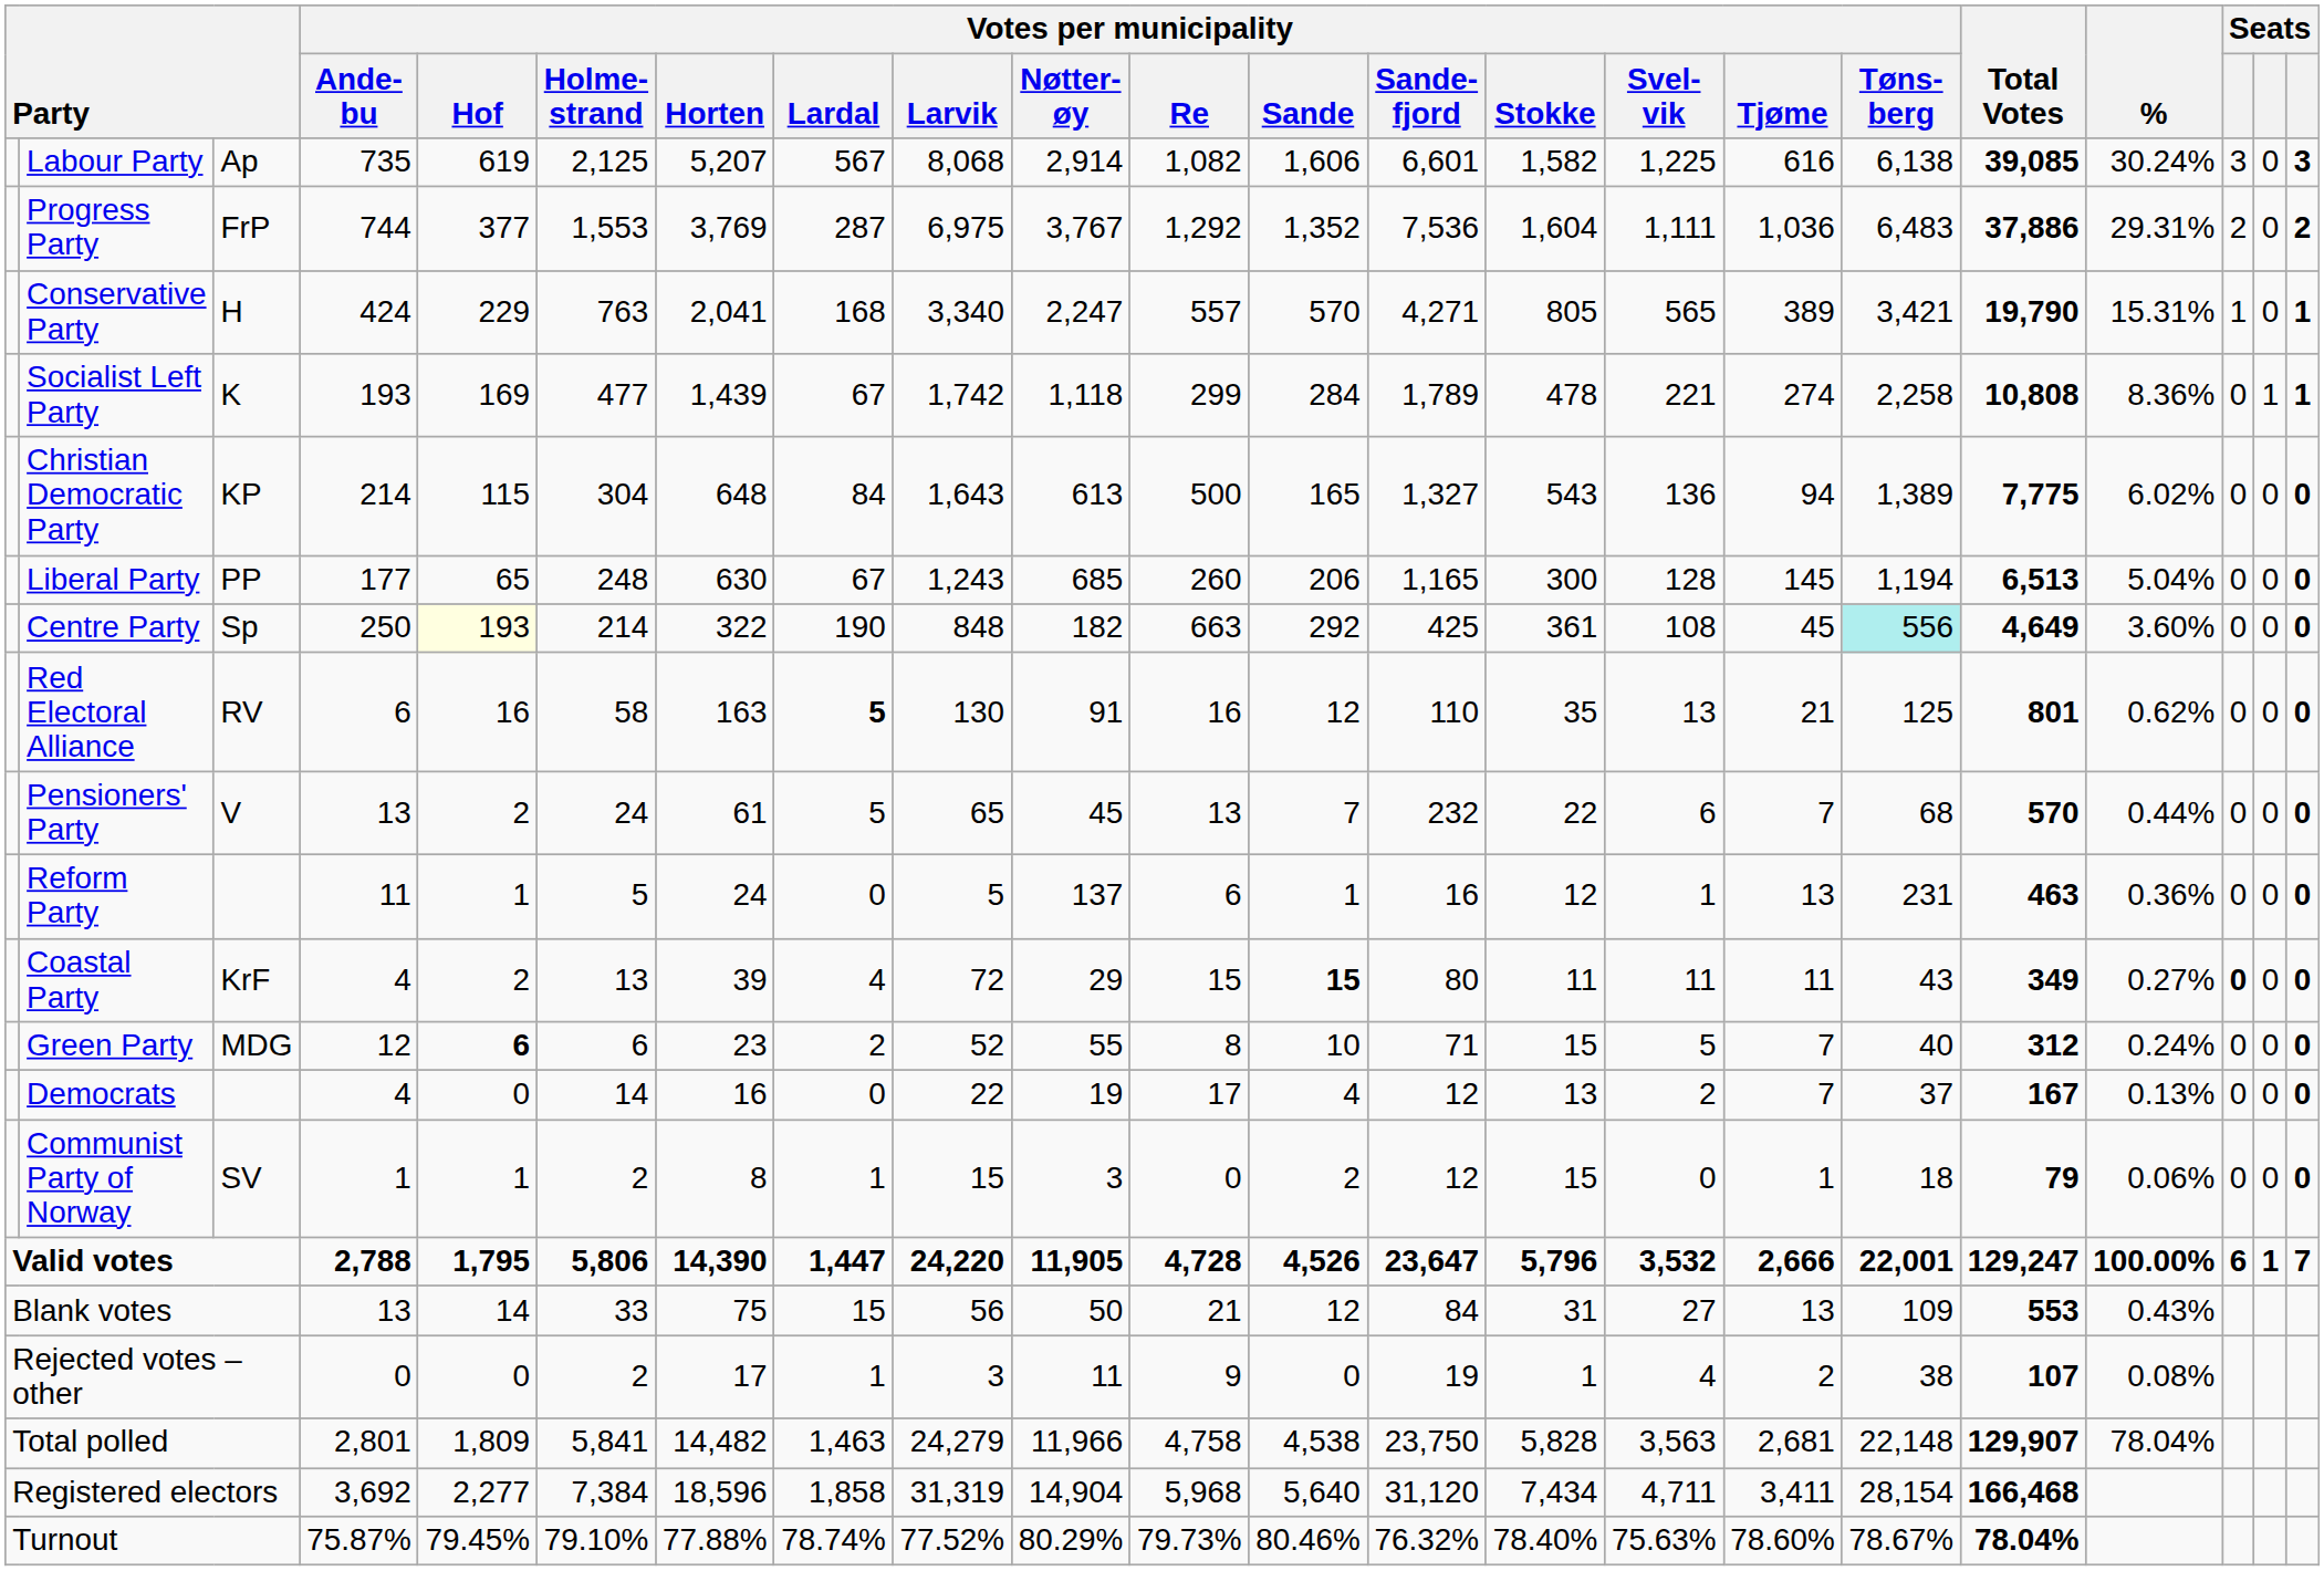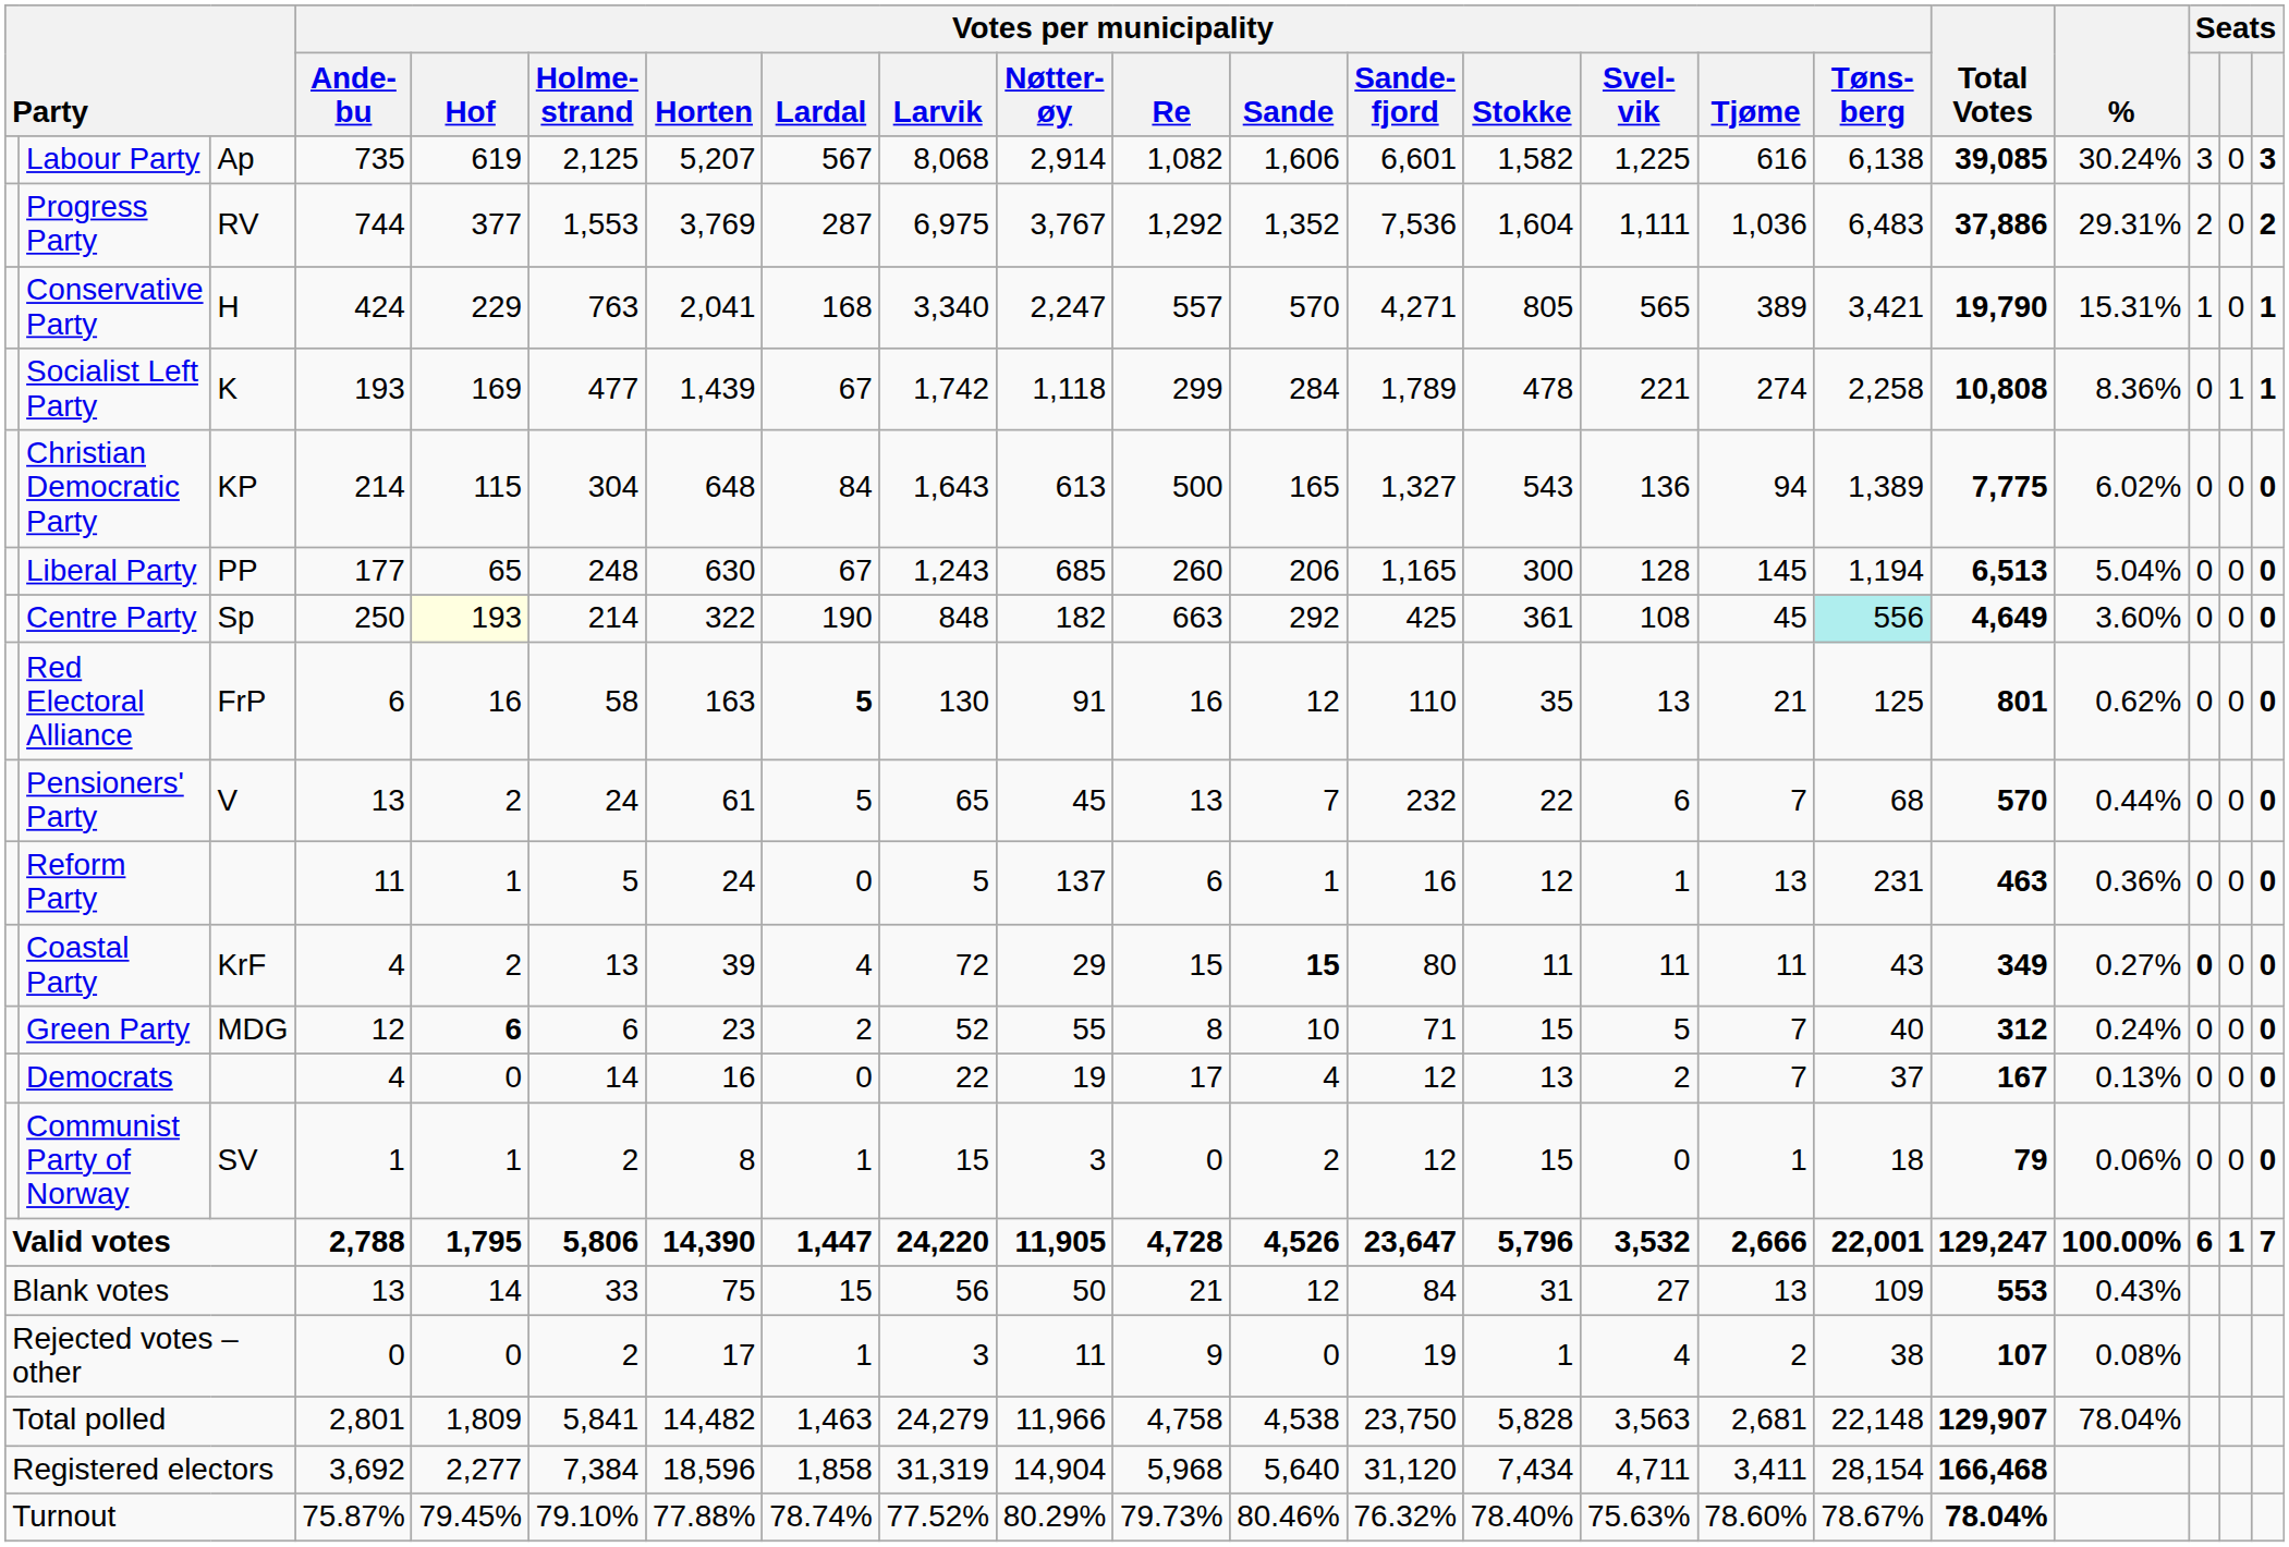 <table class="wikitable" border="1" style="text-align:right;">
 <tr>
 <th style="text-align:left;" valign=bottom rowspan=2 colspan=3>Party</th>
 <th colspan=14>Votes per municipality</th>
 <th align=center valign=bottom rowspan=2 width="50">Total Votes</th>
 <th align=center valign=bottom rowspan=2 width="50">%</th>
 <th colspan=3>Seats</th>
 </tr>
 <tr>
 <th align=center valign=bottom width="50"><a href='#'>Ande- bu</a></th>
 <th align=center valign=bottom width="50"><a href='#'>Hof</a></th>
 <th align=center valign=bottom width="50"><a href='#'>Holme- strand</a></th>
 <th align=center valign=bottom width="50"><a href='#'>Horten</a></th>
 <th align=center valign=bottom width="50"><a href='#'>Lardal</a></th>
 <th align=center valign=bottom width="50"><a href='#'>Larvik</a></th>
 <th align=center valign=bottom width="50"><a href='#'>Nøtter- øy</a></th>
 <th align=center valign=bottom width="50"><a href='#'>Re</a></th>
 <th align=center valign=bottom width="50"><a href='#'>Sande</a></th>
 <th align=center valign=bottom width="50"><a href='#'>Sande- fjord</a></th>
 <th align=center valign=bottom width="50"><a href='#'>Stokke</a></th>
 <th align=center valign=bottom width="50"><a href='#'>Svel- vik</a></th>
 <th align=center valign=bottom width="50"><a href='#'>Tjøme</a></th>
 <th align=center valign=bottom width="50"><a href='#'>Tøns- berg</a></th>
 <th align=center valign=bottom width="20"><small></small></th>
 <th align=center valign=bottom width="20"><small><a href='#'></a></small></th>
 <th align=center valign=bottom width="20"><small></small></th>
 </tr>
 <tr>
 <td style="color:inherit;background:"></td>
 <td align=left><a href='#'>Labour Party</a></td>
 <td align=left>Ap</td>
 <td>735</td>
 <td>619</td>
 <td>2,125</td>
 <td>5,207</td>
 <td>567</td>
 <td>8,068</td>
 <td>2,914</td>
 <td>1,082</td>
 <td>1,606</td>
 <td>6,601</td>
 <td>1,582</td>
 <td>1,225</td>
 <td>616</td>
 <td>6,138</td>
 <td><strong>39,085</strong></td>
 <td>30.24%</td>
 <td>3</td>
 <td>0</td>
 <td><strong>3</strong></td>
 </tr>
 <tr>
 <td style="color:inherit;background:"></td>
 <td align=left><a href='#'>Progress Party</a></td>
-<td align=left>FrP</td>
+<td align=left>RV</td>
 <td>744</td>
 <td>377</td>
 <td>1,553</td>
 <td>3,769</td>
 <td>287</td>
 <td>6,975</td>
 <td>3,767</td>
 <td>1,292</td>
 <td>1,352</td>
 <td>7,536</td>
 <td>1,604</td>
 <td>1,111</td>
 <td>1,036</td>
 <td>6,483</td>
 <td><strong>37,886</strong></td>
 <td>29.31%</td>
 <td>2</td>
 <td>0</td>
 <td><strong>2</strong></td>
 </tr>
 <tr>
 <td style="color:inherit;background:"></td>
 <td align=left><a href='#'>Conservative Party</a></td>
 <td align=left>H</td>
 <td>424</td>
 <td>229</td>
 <td>763</td>
 <td>2,041</td>
 <td>168</td>
 <td>3,340</td>
 <td>2,247</td>
 <td>557</td>
 <td>570</td>
 <td>4,271</td>
 <td>805</td>
 <td>565</td>
 <td>389</td>
 <td>3,421</td>
 <td><strong>19,790</strong></td>
 <td>15.31%</td>
 <td>1</td>
 <td>0</td>
 <td><strong>1</strong></td>
 </tr>
 <tr>
 <td style="color:inherit;background:"></td>
 <td align=left><a href='#'>Socialist Left Party</a></td>
 <td align=left>K</td>
 <td>193</td>
 <td>169</td>
 <td>477</td>
 <td>1,439</td>
 <td>67</td>
 <td>1,742</td>
 <td>1,118</td>
 <td>299</td>
 <td>284</td>
 <td>1,789</td>
 <td>478</td>
 <td>221</td>
 <td>274</td>
 <td>2,258</td>
 <td><strong>10,808</strong></td>
 <td>8.36%</td>
 <td>0</td>
 <td>1</td>
 <td><strong>1</strong></td>
 </tr>
 <tr>
 <td style="color:inherit;background:"></td>
 <td align=left><a href='#'>Christian Democratic Party</a></td>
 <td align=left>KP</td>
 <td>214</td>
 <td>115</td>
 <td>304</td>
 <td>648</td>
 <td>84</td>
 <td>1,643</td>
 <td>613</td>
 <td>500</td>
 <td>165</td>
 <td>1,327</td>
 <td>543</td>
 <td>136</td>
 <td>94</td>
 <td>1,389</td>
 <td><strong>7,775</strong></td>
 <td>6.02%</td>
 <td>0</td>
 <td>0</td>
 <td><strong>0</strong></td>
 </tr>
 <tr>
 <td style="color:inherit;background:"></td>
 <td align=left><a href='#'>Liberal Party</a></td>
 <td align=left>PP</td>
 <td>177</td>
 <td>65</td>
 <td>248</td>
 <td>630</td>
 <td>67</td>
 <td>1,243</td>
 <td>685</td>
 <td>260</td>
 <td>206</td>
 <td>1,165</td>
 <td>300</td>
 <td>128</td>
 <td>145</td>
 <td>1,194</td>
 <td><strong>6,513</strong></td>
 <td>5.04%</td>
 <td>0</td>
 <td>0</td>
 <td><strong>0</strong></td>
 </tr>
 <tr>
 <td style="color:inherit;background:"></td>
 <td align=left><a href='#'>Centre Party</a></td>
 <td align=left>Sp</td>
 <td>250</td>
 <td style="background: lightyellow;">193</td>
 <td>214</td>
 <td>322</td>
 <td>190</td>
 <td>848</td>
 <td>182</td>
 <td>663</td>
 <td>292</td>
 <td>425</td>
 <td>361</td>
 <td>108</td>
 <td>45</td>
 <td style="background: paleturquoise;">556</td>
 <td><strong>4,649</strong></td>
 <td>3.60%</td>
 <td>0</td>
 <td>0</td>
 <td><strong>0</strong></td>
 </tr>
 <tr>
 <td style="color:inherit;background:"></td>
 <td align=left><a href='#'>Red Electoral Alliance</a></td>
-<td align=left>RV</td>
+<td align=left>FrP</td>
 <td>6</td>
 <td>16</td>
 <td>58</td>
 <td>163</td>
 <td><strong>5</strong></td>
 <td>130</td>
 <td>91</td>
 <td>16</td>
 <td>12</td>
 <td>110</td>
 <td>35</td>
 <td>13</td>
 <td>21</td>
 <td>125</td>
 <td><strong>801</strong></td>
 <td>0.62%</td>
 <td>0</td>
 <td>0</td>
 <td><strong>0</strong></td>
 </tr>
 <tr>
 <td style="color:inherit;background:"></td>
 <td align=left><a href='#'>Pensioners' Party</a></td>
 <td align=left>V</td>
 <td>13</td>
 <td>2</td>
 <td>24</td>
 <td>61</td>
 <td>5</td>
 <td>65</td>
 <td>45</td>
 <td>13</td>
 <td>7</td>
 <td>232</td>
 <td>22</td>
 <td>6</td>
 <td>7</td>
 <td>68</td>
 <td><strong>570</strong></td>
 <td>0.44%</td>
 <td>0</td>
 <td>0</td>
 <td><strong>0</strong></td>
 </tr>
 <tr>
 <td></td>
 <td align=left><a href='#'>Reform Party</a></td>
 <td align=left></td>
 <td>11</td>
 <td>1</td>
 <td>5</td>
 <td>24</td>
 <td>0</td>
 <td>5</td>
 <td>137</td>
 <td>6</td>
 <td>1</td>
 <td>16</td>
 <td>12</td>
 <td>1</td>
 <td>13</td>
 <td>231</td>
 <td><strong>463</strong></td>
 <td>0.36%</td>
 <td>0</td>
 <td>0</td>
 <td><strong>0</strong></td>
 </tr>
 <tr>
 <td style="color:inherit;background:"></td>
 <td align=left><a href='#'>Coastal Party</a></td>
 <td align=left>KrF</td>
 <td>4</td>
 <td>2</td>
 <td>13</td>
 <td>39</td>
 <td>4</td>
 <td>72</td>
 <td>29</td>
 <td>15</td>
 <td><strong>15</strong></td>
 <td>80</td>
 <td>11</td>
 <td>11</td>
 <td>11</td>
 <td>43</td>
 <td><strong>349</strong></td>
 <td>0.27%</td>
 <td><strong>0</strong></td>
 <td>0</td>
 <td><strong>0</strong></td>
 </tr>
 <tr>
 <td style="color:inherit;background:"></td>
 <td align=left><a href='#'>Green Party</a></td>
 <td align=left>MDG</td>
 <td>12</td>
 <td><strong>6</strong></td>
 <td>6</td>
 <td>23</td>
 <td>2</td>
 <td>52</td>
 <td>55</td>
 <td>8</td>
 <td>10</td>
 <td>71</td>
 <td>15</td>
 <td>5</td>
 <td>7</td>
 <td>40</td>
 <td><strong>312</strong></td>
 <td>0.24%</td>
 <td>0</td>
 <td>0</td>
 <td><strong>0</strong></td>
 </tr>
 <tr>
 <td style="color:inherit;background:"></td>
 <td align=left><a href='#'>Democrats</a></td>
 <td align=left></td>
 <td>4</td>
 <td>0</td>
 <td>14</td>
 <td>16</td>
 <td>0</td>
 <td>22</td>
 <td>19</td>
 <td>17</td>
 <td>4</td>
 <td>12</td>
 <td>13</td>
 <td>2</td>
 <td>7</td>
 <td>37</td>
 <td><strong>167</strong></td>
 <td>0.13%</td>
 <td>0</td>
 <td>0</td>
 <td><strong>0</strong></td>
 </tr>
 <tr>
 <td style="color:inherit;background:"></td>
 <td align=left><a href='#'>Communist Party of Norway</a></td>
 <td align=left>SV</td>
 <td>1</td>
 <td>1</td>
 <td>2</td>
 <td>8</td>
 <td>1</td>
 <td>15</td>
 <td>3</td>
 <td>0</td>
 <td>2</td>
 <td>12</td>
 <td>15</td>
 <td>0</td>
 <td>1</td>
 <td>18</td>
 <td><strong>79</strong></td>
 <td>0.06%</td>
 <td>0</td>
 <td>0</td>
 <td><strong>0</strong></td>
 </tr>
 <tr style="font-weight:bold">
 <td align=left colspan=3>Valid votes</td>
 <td>2,788</td>
 <td>1,795</td>
 <td>5,806</td>
 <td>14,390</td>
 <td>1,447</td>
 <td>24,220</td>
 <td>11,905</td>
 <td>4,728</td>
 <td>4,526</td>
 <td>23,647</td>
 <td>5,796</td>
 <td>3,532</td>
 <td>2,666</td>
 <td>22,001</td>
 <td>129,247</td>
 <td>100.00%</td>
 <td>6</td>
 <td>1</td>
 <td>7</td>
 </tr>
 <tr>
 <td align=left colspan=3>Blank votes</td>
 <td>13</td>
 <td>14</td>
 <td>33</td>
 <td>75</td>
 <td>15</td>
 <td>56</td>
 <td>50</td>
 <td>21</td>
 <td>12</td>
 <td>84</td>
 <td>31</td>
 <td>27</td>
 <td>13</td>
 <td>109</td>
 <td><strong>553</strong></td>
 <td>0.43%</td>
 <td></td>
 <td></td>
 <td></td>
 </tr>
 <tr>
 <td align=left colspan=3>Rejected votes – other</td>
 <td>0</td>
 <td>0</td>
 <td>2</td>
 <td>17</td>
 <td>1</td>
 <td>3</td>
 <td>11</td>
 <td>9</td>
 <td>0</td>
 <td>19</td>
 <td>1</td>
 <td>4</td>
 <td>2</td>
 <td>38</td>
 <td><strong>107</strong></td>
 <td>0.08%</td>
 <td></td>
 <td></td>
 <td></td>
 </tr>
 <tr>
 <td align=left colspan=3>Total polled</td>
 <td>2,801</td>
 <td>1,809</td>
 <td>5,841</td>
 <td>14,482</td>
 <td>1,463</td>
 <td>24,279</td>
 <td>11,966</td>
 <td>4,758</td>
 <td>4,538</td>
 <td>23,750</td>
 <td>5,828</td>
 <td>3,563</td>
 <td>2,681</td>
 <td>22,148</td>
 <td><strong>129,907</strong></td>
 <td>78.04%</td>
 <td></td>
 <td></td>
 <td></td>
 </tr>
 <tr>
 <td align=left colspan=3>Registered electors</td>
 <td>3,692</td>
 <td>2,277</td>
 <td>7,384</td>
 <td>18,596</td>
 <td>1,858</td>
 <td>31,319</td>
 <td>14,904</td>
 <td>5,968</td>
 <td>5,640</td>
 <td>31,120</td>
 <td>7,434</td>
 <td>4,711</td>
 <td>3,411</td>
 <td>28,154</td>
 <td><strong>166,468</strong></td>
 <td></td>
 <td></td>
 <td></td>
 <td></td>
 </tr>
 <tr>
 <td align=left colspan=3>Turnout</td>
 <td>75.87%</td>
 <td>79.45%</td>
 <td>79.10%</td>
 <td>77.88%</td>
 <td>78.74%</td>
 <td>77.52%</td>
 <td>80.29%</td>
 <td>79.73%</td>
 <td>80.46%</td>
 <td>76.32%</td>
 <td>78.40%</td>
 <td>75.63%</td>
 <td>78.60%</td>
 <td>78.67%</td>
 <td><strong>78.04%</strong></td>
 <td></td>
 <td></td>
 <td></td>
 <td></td>
 </tr>
 </table>
